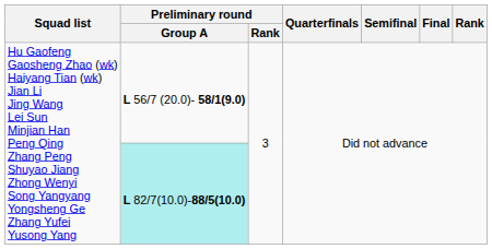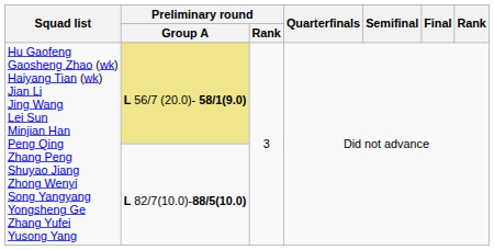 <table class="wikitable"style="text-align:left; font-size:90%">
 <tr>
 <th rowspan="2">Squad list</th>
 <th colspan="2">Preliminary round</th>
 <th rowspan="2">Quarterfinals</th>
 <th rowspan="2">Semifinal</th>
 <th rowspan="2">Final</th>
 <th rowspan="2">Rank</th>
 </tr>
 <tr>
 <th>Group A</th>
 <th>Rank</th>
 </tr>
 <tr>
 <td rowspan=2><a href='#'>Hu Gaofeng</a><br><a href='#'>Gaosheng Zhao</a> (<a href='#'>wk</a>)<br><a href='#'>Haiyang Tian</a> (<a href='#'>wk</a>)<br><a href='#'>Jian Li</a><br><a href='#'>Jing Wang</a><br><a href='#'>Lei Sun</a><br><a href='#'>Minjian Han</a><br><a href='#'>Peng Qing</a><br><a href='#'>Zhang Peng</a><br><a href='#'>Shuyao Jiang</a><br><a href='#'>Zhong Wenyi</a><br><a href='#'>Song Yangyang</a><br><a href='#'>Yongsheng Ge</a><br><a href='#'>Zhang Yufei</a><br><a href='#'>Yusong Yang</a></td>
-<td><br><strong>L</strong> 56/7 (20.0)- <strong> 58/1(9.0)</strong></td>
+<td style="background: khaki;"><br><strong>L</strong> 56/7 (20.0)- <strong> 58/1(9.0)</strong></td>
 <td rowspan="2" style="text-align:center;">3</td>
 <td rowspan="2" colspan="4" style="text-align:center;">Did not advance</td>
 </tr>
 <tr>
-<td style="background: paleturquoise;"><br><strong>L</strong> 82/7(10.0)-<strong>88/5(10.0)</strong></td>
+<td><br><strong>L</strong> 82/7(10.0)-<strong>88/5(10.0)</strong></td>
 </tr>
 </table>
